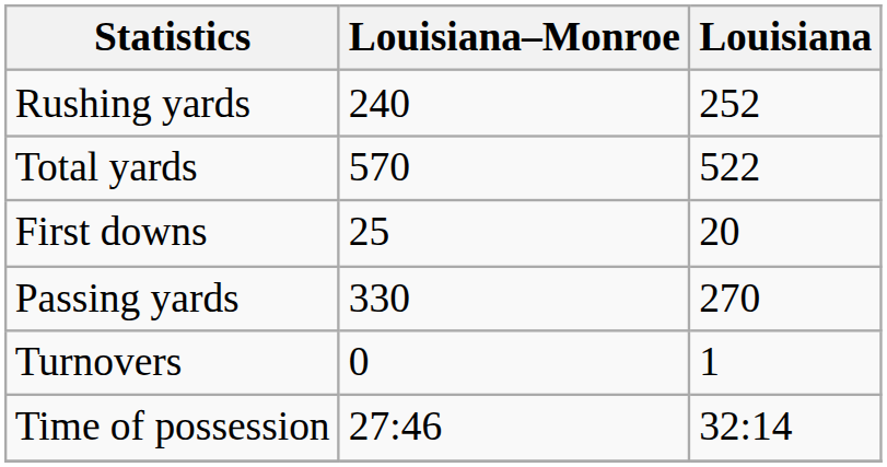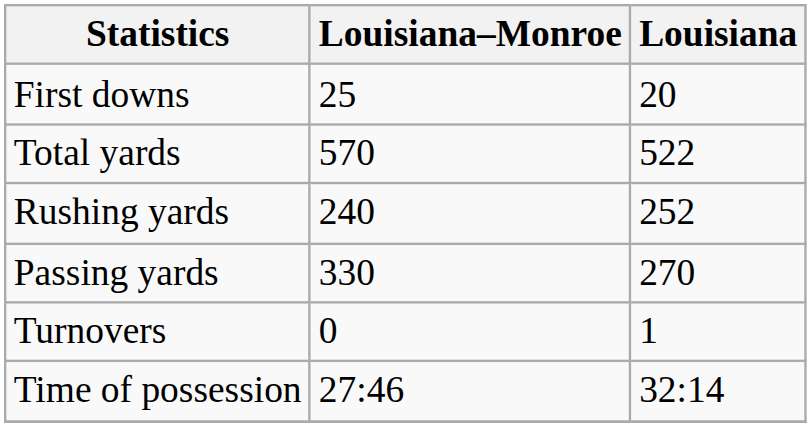 <table class="wikitable">
 <tr>
 <th>Statistics</th>
 <th>Louisiana–Monroe</th>
 <th>Louisiana</th>
 </tr>
 <tr>
-<td>Rushing yards</td>
-<td>240</td>
-<td>252</td>
+<td>First downs</td>
+<td>25</td>
+<td>20</td>
 </tr>
 <tr>
 <td>Total yards</td>
 <td>570</td>
 <td>522</td>
 </tr>
 <tr>
-<td>First downs</td>
-<td>25</td>
-<td>20</td>
+<td>Rushing yards</td>
+<td>240</td>
+<td>252</td>
 </tr>
 <tr>
 <td>Passing yards</td>
 <td>330</td>
 <td>270</td>
 </tr>
 <tr>
 <td>Turnovers</td>
 <td>0</td>
 <td>1</td>
 </tr>
 <tr>
 <td>Time of possession</td>
 <td>27:46</td>
 <td>32:14</td>
 </tr>
 <tr>
 </tr>
 </table>
